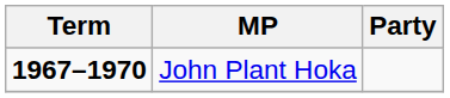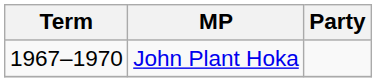 <table class=wikitable>
 <tr>
 <th>Term</th>
 <th>MP</th>
 <th>Party</th>
 </tr>
 <tr>
-<td><strong>1967–1970</strong></td>
+<td>1967–1970</td>
 <td><a href='#'>John Plant Hoka</a></td>
 <td> </td>
 </tr>
 <tr>
 </tr>
 </table>
